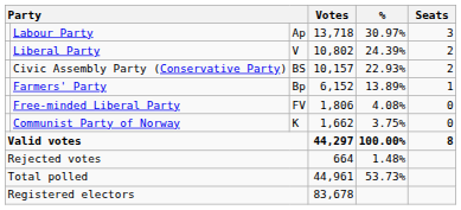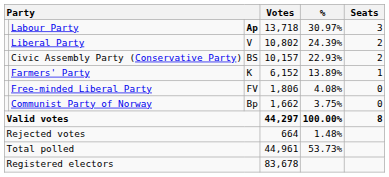 <table class="wikitable" border="1" style="text-align:right;">
 <tr>
 <th style="text-align:left;" colspan=3>Party</th>
 <th align=center width="50">Votes</th>
 <th align=center width="50">%</th>
 <th align=center width="50">Seats</th>
 </tr>
 <tr>
 <td style="color:inherit;background:"></td>
 <td align=left><a href='#'>Labour Party</a></td>
-<td align=left>Ap</td>
+<td align=left><strong>Ap</strong></td>
 <td>13,718</td>
 <td>30.97%</td>
 <td>3</td>
 </tr>
 <tr>
 <td style="color:inherit;background:"></td>
 <td align=left><a href='#'>Liberal Party</a></td>
 <td align=left>V</td>
 <td>10,802</td>
 <td>24.39%</td>
 <td>2</td>
 </tr>
 <tr>
 <td></td>
 <td align=left>Civic Assembly Party (<a href='#'>Conservative Party</a>)</td>
 <td align=left>BS</td>
 <td>10,157</td>
 <td>22.93%</td>
 <td>2</td>
 </tr>
 <tr>
 <td style="color:inherit;background:"></td>
 <td align=left><a href='#'>Farmers' Party</a></td>
-<td align=left>Bp</td>
+<td align=left>K</td>
 <td>6,152</td>
 <td>13.89%</td>
 <td>1</td>
 </tr>
 <tr>
 <td style="color:inherit;background:"></td>
 <td align=left><a href='#'>Free-minded Liberal Party</a></td>
 <td align=left>FV</td>
 <td>1,806</td>
 <td>4.08%</td>
 <td>0</td>
 </tr>
 <tr>
 <td style="color:inherit;background:"></td>
 <td align=left><a href='#'>Communist Party of Norway</a></td>
-<td align=left>K</td>
+<td align=left>Bp</td>
 <td>1,662</td>
 <td>3.75%</td>
 <td>0</td>
 </tr>
 <tr style="font-weight:bold">
 <td align=left colspan=3>Valid votes</td>
 <td>44,297</td>
 <td>100.00%</td>
 <td>8</td>
 </tr>
 <tr>
 <td align=left colspan=3>Rejected votes</td>
 <td>664</td>
 <td>1.48%</td>
 <td></td>
 </tr>
 <tr>
 <td align=left colspan=3>Total polled</td>
 <td>44,961</td>
 <td>53.73%</td>
 <td></td>
 </tr>
 <tr>
 <td align=left colspan=3>Registered electors</td>
 <td>83,678</td>
 <td></td>
 <td></td>
 </tr>
 </table>
